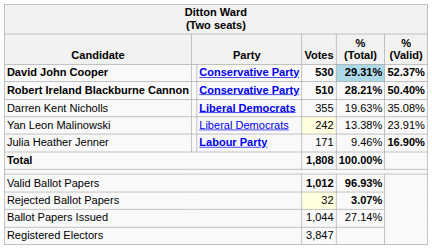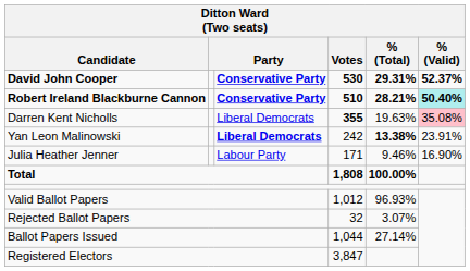 <table class="wikitable" border="1" style="text-align:right; font-size:100%">
 <tr>
 <th align=center colspan=6>Ditton Ward<br>(Two seats)</th>
 </tr>
 <tr>
 <th valign=bottom>Candidate</th>
 <th valign=bottom colspan=2>Party</th>
 <th valign=bottom>Votes</th>
 <th>%<br>(Total)</th>
 <th>%<br>(Valid)</th>
 </tr>
 <tr>
 <td align=left><strong>David John Cooper</strong></td>
 <td style="background:"></td>
 <td align=left><strong><a href='#'>Conservative Party</a></strong></td>
 <td><strong>530</strong></td>
-<td style="background: lightblue;"><strong>29.31%</strong></td>
+<td><strong>29.31%</strong></td>
 <td><strong>52.37%</strong></td>
 </tr>
 <tr>
 <td align=left><strong>Robert Ireland Blackburne Cannon</strong></td>
 <td style="background:"></td>
 <td align=left><strong><a href='#'>Conservative Party</a></strong></td>
 <td><strong>510</strong></td>
 <td><strong>28.21%</strong></td>
-<td><strong>50.40%</strong></td>
+<td style="background: paleturquoise;"><strong>50.40%</strong></td>
 </tr>
 <tr>
 <td align=left>Darren Kent Nicholls</td>
 <td style="background:"></td>
-<td align=left><strong><a href='#'>Liberal Democrats</a></strong></td>
-<td>355</td>
+<td align=left><a href='#'>Liberal Democrats</a></td>
+<td><strong>355</strong></td>
 <td>19.63%</td>
-<td>35.08%</td>
+<td style="background: pink;">35.08%</td>
 </tr>
 <tr>
 <td align=left>Yan Leon Malinowski</td>
 <td style="background:"></td>
-<td align=left><a href='#'>Liberal Democrats</a></td>
-<td style="background: lightyellow;">242</td>
-<td>13.38%</td>
+<td align=left><strong><a href='#'>Liberal Democrats</a></strong></td>
+<td>242</td>
+<td><strong>13.38%</strong></td>
 <td>23.91%</td>
 </tr>
 <tr>
 <td align=left>Julia Heather Jenner</td>
 <td style="background:"></td>
-<td align=left><strong><a href='#'>Labour Party</a></strong></td>
+<td align=left><a href='#'>Labour Party</a></td>
 <td>171</td>
 <td>9.46%</td>
-<td><strong>16.90%</strong></td>
+<td>16.90%</td>
 </tr>
 <tr style="font-weight:bold">
 <td align=left colspan=3>Total</td>
 <td>1,808</td>
 <td>100.00%</td>
 <td></td>
 </tr>
 <tr>
 <td align=left colspan=6></td>
 </tr>
 <tr>
 <td align=left colspan=3>Valid Ballot Papers</td>
-<td><strong>1,012</strong></td>
-<td><strong>96.93%</strong></td>
+<td>1,012</td>
+<td>96.93%</td>
 <td rowspan=4></td>
 </tr>
 <tr>
 <td align=left colspan=3>Rejected Ballot Papers</td>
-<td style="background: lightyellow;">32</td>
-<td><strong>3.07%</strong></td>
+<td>32</td>
+<td>3.07%</td>
 </tr>
 <tr>
 <td align=left colspan=3>Ballot Papers Issued</td>
 <td>1,044</td>
 <td>27.14%</td>
 </tr>
 <tr>
 <td align=left colspan=3>Registered Electors</td>
 <td>3,847</td>
 <td></td>
 </tr>
 </table>
